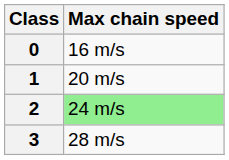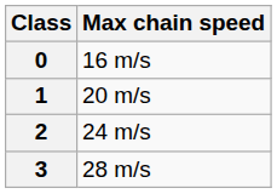 <table class="wikitable">
 <tr>
 <th>Class</th>
 <th>Max chain speed</th>
 </tr>
 <tr>
 <th>0</th>
 <td>16 m/s</td>
 </tr>
 <tr>
 <th>1</th>
 <td>20 m/s</td>
 </tr>
 <tr>
 <th>2</th>
-<td style="background: lightgreen;">24 m/s</td>
+<td>24 m/s</td>
 </tr>
 <tr>
 <th>3</th>
 <td>28 m/s</td>
 </tr>
 </table>
